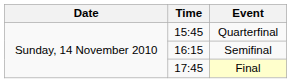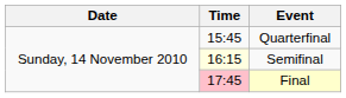 <table class = "wikitable" style="text-align:center;">
 <tr>
 <th width=220>Date</th>
 <th width=50>Time</th>
 <th width=100>Event</th>
 </tr>
 <tr>
 <td rowspan=3>Sunday, 14 November 2010</td>
 <td>15:45</td>
 <td>Quarterfinal</td>
 </tr>
 <tr>
-<td>16:15</td>
+<td style="background: lightyellow;">16:15</td>
 <td>Semifinal</td>
 </tr>
 <tr>
-<td>17:45</td>
+<td style="background: pink;">17:45</td>
 <td bgcolor=ffffcc>Final</td>
 </tr>
 </table>
